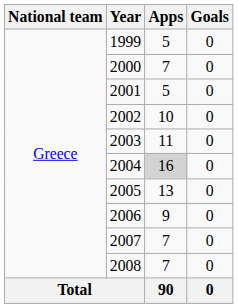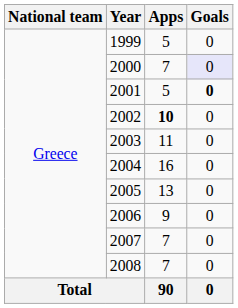 <table class="wikitable" style="text-align:center">
 <tr>
 <th>National team</th>
 <th>Year</th>
 <th>Apps</th>
 <th>Goals</th>
 </tr>
 <tr>
 <td rowspan="10"><a href='#'>Greece</a></td>
 <td>1999</td>
 <td>5</td>
 <td>0</td>
 </tr>
 <tr>
 <td>2000</td>
 <td>7</td>
-<td>0</td>
+<td style="background: lavender;">0</td>
 </tr>
 <tr>
 <td>2001</td>
 <td>5</td>
-<td>0</td>
+<td><strong>0</strong></td>
 </tr>
 <tr>
 <td>2002</td>
-<td>10</td>
+<td><strong>10</strong></td>
 <td>0</td>
 </tr>
 <tr>
 <td>2003</td>
 <td>11</td>
 <td>0</td>
 </tr>
 <tr>
 <td>2004</td>
-<td style="background: lightgrey;">16</td>
+<td>16</td>
 <td>0</td>
 </tr>
 <tr>
 <td>2005</td>
 <td>13</td>
 <td>0</td>
 </tr>
 <tr>
 <td>2006</td>
 <td>9</td>
 <td>0</td>
 </tr>
 <tr>
 <td>2007</td>
 <td>7</td>
 <td>0</td>
 </tr>
 <tr>
 <td>2008</td>
 <td>7</td>
 <td>0</td>
 </tr>
 <tr>
 <th colspan="2">Total</th>
 <th>90</th>
 <th>0</th>
 </tr>
 </table>
